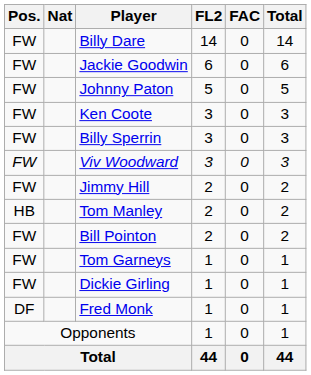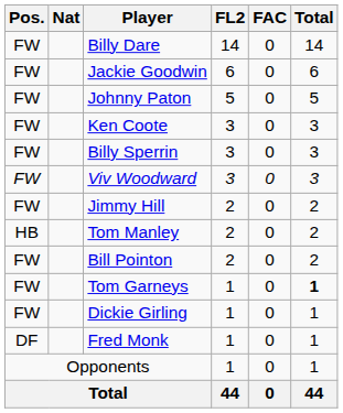 <table class="wikitable"  style="text-align:center; border:1px #aaa solid;">
 <tr>
 <th>Pos.</th>
 <th>Nat</th>
 <th>Player</th>
 <th>FL2</th>
 <th>FAC</th>
 <th>Total</th>
 </tr>
 <tr>
 <td>FW</td>
 <td></td>
 <td style="text-align:left;"><a href='#'>Billy Dare</a></td>
 <td>14</td>
 <td>0</td>
 <td>14</td>
 </tr>
 <tr>
 <td>FW</td>
 <td><em></em></td>
 <td style="text-align:left;"><a href='#'>Jackie Goodwin</a></td>
 <td>6</td>
 <td>0</td>
 <td>6</td>
 </tr>
 <tr>
 <td>FW</td>
 <td><em></em></td>
 <td style="text-align:left;"><a href='#'>Johnny Paton</a></td>
 <td>5</td>
 <td>0</td>
 <td>5</td>
 </tr>
 <tr>
 <td>FW</td>
 <td></td>
 <td style="text-align:left;"><a href='#'>Ken Coote</a></td>
 <td>3</td>
 <td>0</td>
 <td>3</td>
 </tr>
 <tr>
 <td>FW</td>
 <td></td>
 <td style="text-align:left;"><a href='#'>Billy Sperrin</a></td>
 <td>3</td>
 <td>0</td>
 <td>3</td>
 </tr>
 <tr>
 <td><em>FW</em></td>
 <td><em></em></td>
 <td style="text-align:left;"><a href='#'><em>Viv Woodward</em></a></td>
 <td><em>3</em></td>
 <td><em>0</em></td>
 <td><em>3</em></td>
 </tr>
 <tr>
 <td>FW</td>
 <td><em></em></td>
 <td style="text-align:left;"><a href='#'>Jimmy Hill</a></td>
 <td>2</td>
 <td>0</td>
 <td>2</td>
 </tr>
 <tr>
 <td>HB</td>
 <td></td>
 <td style="text-align:left;"><a href='#'>Tom Manley</a></td>
 <td>2</td>
 <td>0</td>
 <td>2</td>
 </tr>
 <tr>
 <td>FW</td>
 <td></td>
 <td style="text-align:left;"><a href='#'>Bill Pointon</a></td>
 <td>2</td>
 <td>0</td>
 <td>2</td>
 </tr>
 <tr>
 <td>FW</td>
 <td><em></em></td>
 <td style="text-align:left;"><a href='#'>Tom Garneys</a></td>
 <td>1</td>
 <td>0</td>
-<td>1</td>
+<td><strong>1</strong></td>
 </tr>
 <tr>
 <td>FW</td>
 <td><em></em></td>
 <td style="text-align:left;"><a href='#'>Dickie Girling</a></td>
 <td>1</td>
 <td>0</td>
 <td>1</td>
 </tr>
 <tr>
 <td>DF</td>
 <td></td>
 <td style="text-align:left;"><a href='#'>Fred Monk</a></td>
 <td>1</td>
 <td>0</td>
 <td>1</td>
 </tr>
 <tr>
 <td colspan="3">Opponents</td>
 <td>1</td>
 <td>0</td>
 <td>1</td>
 </tr>
 <tr>
 <th colspan="3">Total</th>
 <th>44</th>
 <th>0</th>
 <th>44</th>
 </tr>
 </table>
